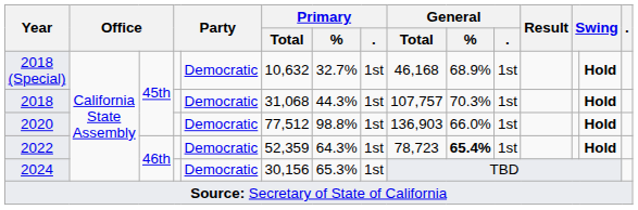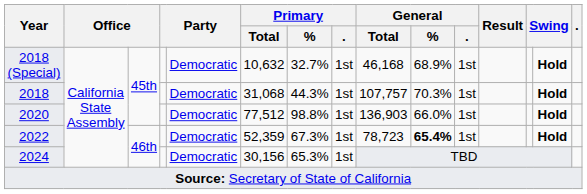 <table class="wikitable" style="font-size: 90%; text-align:center;">
 <tr>
 <th rowspan=2>Year</th>
 <th colspan=2 rowspan=2>Office</th>
 <th colspan=2 rowspan=2>Party</th>
 <th colspan=3><a href='#'>Primary</a></th>
 <th colspan=3>General</th>
 <th rowspan=2>Result</th>
 <th colspan=2 rowspan=2><a href='#'>Swing</a></th>
 <th rowspan=2>.</th>
 </tr>
 <tr>
 <th>Total</th>
 <th>%</th>
 <th>.</th>
 <th>Total</th>
 <th>%</th>
 <th>.</th>
 </tr>
 <tr>
 <td style="background-color:#EAECF0;"><a href='#'> 2018 (Special)</a></td>
 <td rowspan=5><a href='#'>California State Assembly</a></td>
 <td rowspan=3><a href='#'> 45th</a></td>
 <td style="background-color:"></td>
 <td><a href='#'>Democratic</a></td>
 <td>10,632</td>
 <td>32.7%</td>
 <td>1st</td>
 <td>46,168</td>
 <td>68.9%</td>
 <td>1st</td>
 <td></td>
 <td style="background-color:"></td>
 <td><strong>Hold</strong></td>
 <td></td>
 </tr>
 <tr>
 <td style="background-color:#EAECF0;"><a href='#'>2018</a></td>
 <td style="background-color:"></td>
 <td><a href='#'>Democratic</a></td>
 <td>31,068</td>
 <td>44.3%</td>
 <td>1st</td>
 <td>107,757</td>
 <td>70.3%</td>
 <td>1st</td>
 <td></td>
 <td style="background-color:"></td>
 <td><strong>Hold</strong></td>
 <td></td>
 </tr>
 <tr>
 <td style="background-color:#EAECF0;"><a href='#'>2020</a></td>
 <td style="background-color:"></td>
 <td><a href='#'>Democratic</a></td>
 <td>77,512</td>
 <td>98.8%</td>
 <td>1st</td>
 <td>136,903</td>
 <td>66.0%</td>
 <td>1st</td>
 <td></td>
 <td style="background-color:"></td>
 <td><strong>Hold</strong></td>
 <td></td>
 </tr>
 <tr>
 <td style="background-color:#EAECF0;"><a href='#'>2022</a></td>
 <td rowspan=2><a href='#'>46th</a></td>
 <td style="background-color:"></td>
 <td><a href='#'>Democratic</a></td>
 <td>52,359</td>
-<td>64.3%</td>
+<td>67.3%</td>
 <td>1st</td>
 <td>78,723</td>
 <td><strong>65.4%</strong></td>
 <td>1st</td>
 <td></td>
 <td style="background-color:"></td>
 <td><strong>Hold</strong></td>
 <td></td>
 </tr>
 <tr>
 <td style="background-color:#EAECF0;"><a href='#'>2024</a></td>
 <td style="background-color:"></td>
 <td><a href='#'>Democratic</a></td>
 <td>30,156</td>
 <td>65.3%</td>
 <td>1st</td>
 <td style="background-color:#EAECF0;" colspan=6>TBD</td>
 <td></td>
 </tr>
 <tr>
 <td style="background-color:#EAECF0;" colspan=15><strong>Source:</strong> <a href='#'>Secretary of State of California</a>  </td>
 </tr>
 </table>
